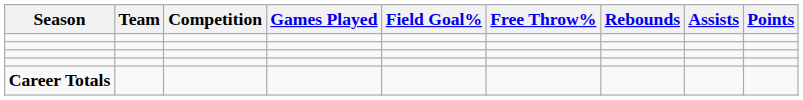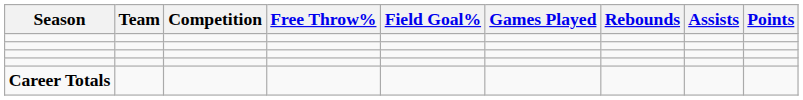 <table class="wikitable" style="font-size: 95%;">
 <tr>
 <th>Season</th>
 <th>Team</th>
 <th>Competition</th>
+<th><a href='#'>Free Throw%</a></th>
+<th><a href='#'>Field Goal%</a></th>
 <th><a href='#'>Games Played</a></th>
-<th><a href='#'>Field Goal%</a></th>
-<th><a href='#'>Free Throw%</a></th>
 <th><a href='#'>Rebounds</a></th>
 <th><a href='#'>Assists</a></th>
 <th><a href='#'>Points</a></th>
 </tr>
 <tr>
 <td></td>
 <td></td>
 <td></td>
 <td></td>
 <td></td>
 <td></td>
 <td></td>
 <td></td>
 <td></td>
 </tr>
 <tr>
 <td></td>
 <td></td>
 <td></td>
 <td></td>
 <td></td>
 <td></td>
 <td></td>
 <td></td>
 <td></td>
 </tr>
 <tr>
 <td></td>
 <td></td>
 <td></td>
 <td></td>
 <td></td>
 <td></td>
 <td></td>
 <td></td>
 <td></td>
 </tr>
 <tr>
 <td></td>
 <td></td>
 <td></td>
 <td></td>
 <td></td>
 <td></td>
 <td></td>
 <td></td>
 <td></td>
 </tr>
 <tr>
 <td><strong>Career Totals</strong></td>
 <td></td>
 <td></td>
 <td></td>
 <td></td>
 <td></td>
 <td></td>
 <td></td>
 <td></td>
 </tr>
 </table>
